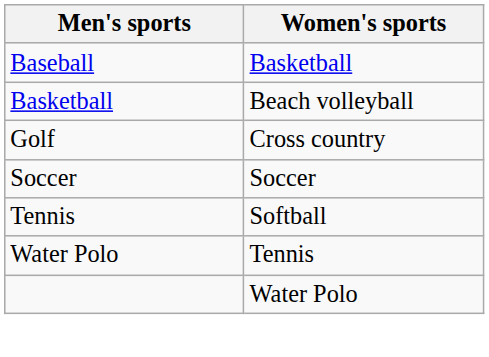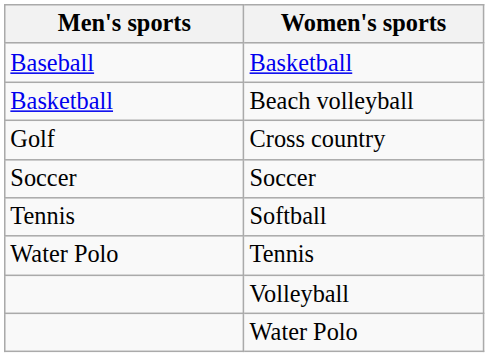 <table class="wikitable" style=" ">
 <tr>
 <th width=150px>Men's sports</th>
 <th width=150px>Women's sports</th>
 </tr>
 <tr>
 <td><a href='#'>Baseball</a></td>
 <td><a href='#'>Basketball</a></td>
 </tr>
 <tr>
 <td><a href='#'>Basketball</a></td>
 <td>Beach volleyball</td>
 </tr>
 <tr>
 <td>Golf</td>
 <td>Cross country</td>
 </tr>
 <tr>
 <td>Soccer</td>
 <td>Soccer</td>
 </tr>
 <tr>
 <td>Tennis</td>
 <td>Softball</td>
 </tr>
 <tr>
 <td>Water Polo</td>
 <td>Tennis</td>
 </tr>
 <tr>
 <td></td>
+<td>Volleyball</td>
+</tr>
+<tr>
+<td></td>
 <td>Water Polo</td>
 </tr>
 </table>
